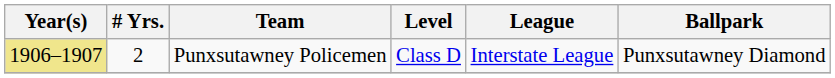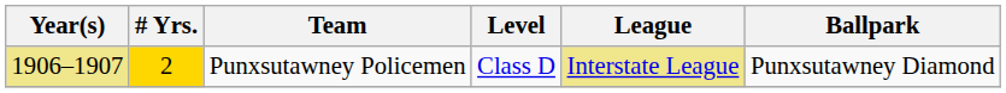 <table class="wikitable" style="text-align:center; font-size: 95%;">
 <tr>
 <th>Year(s)</th>
 <th># Yrs.</th>
 <th>Team</th>
 <th>Level</th>
 <th>League</th>
 <th>Ballpark</th>
 </tr>
 <tr>
 <td style="background: khaki;">1906–1907</td>
-<td>2</td>
+<td style="background: gold;">2</td>
 <td>Punxsutawney Policemen</td>
 <td><a href='#'>Class D</a></td>
-<td><a href='#'>Interstate League</a></td>
+<td style="background: khaki;"><a href='#'>Interstate League</a></td>
 <td>Punxsutawney Diamond</td>
 </tr>
 <tr>
 </tr>
 </table>
